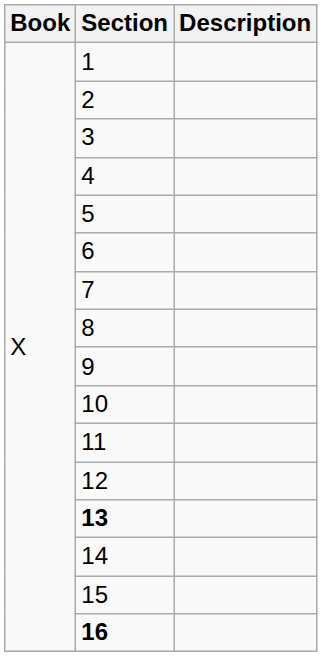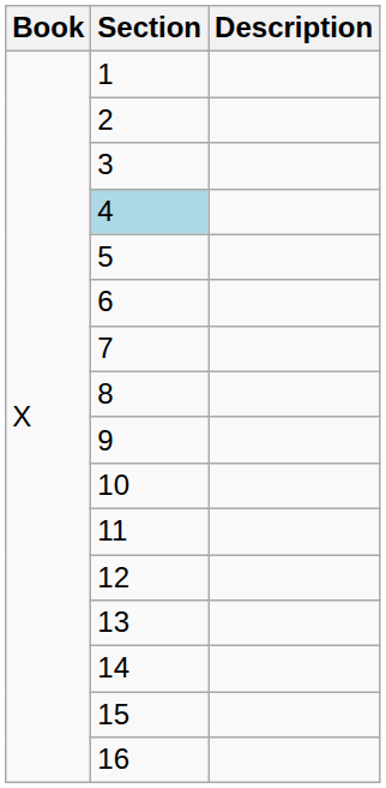 <table class="wikitable" style="max-width:45em;">
 <tr>
 <th>Book</th>
 <th>Section</th>
 <th>Description</th>
 </tr>
 <tr>
 <td rowspan="16">X</td>
 <td>1</td>
 <td></td>
 </tr>
 <tr>
 <td>2</td>
 <td></td>
 </tr>
 <tr>
 <td>3</td>
 <td></td>
 </tr>
 <tr>
-<td>4</td>
+<td style="background: lightblue;">4</td>
 <td></td>
 </tr>
 <tr>
 <td>5</td>
 <td></td>
 </tr>
 <tr>
 <td>6</td>
 <td></td>
 </tr>
 <tr>
 <td>7</td>
 <td></td>
 </tr>
 <tr>
 <td>8</td>
 <td></td>
 </tr>
 <tr>
 <td>9</td>
 <td></td>
 </tr>
 <tr>
 <td>10</td>
 <td></td>
 </tr>
 <tr>
 <td>11</td>
 <td></td>
 </tr>
 <tr>
 <td>12</td>
 <td></td>
 </tr>
 <tr>
-<td><strong>13</strong></td>
+<td>13</td>
 <td></td>
 </tr>
 <tr>
 <td>14</td>
 <td></td>
 </tr>
 <tr>
 <td>15</td>
 <td></td>
 </tr>
 <tr>
-<td><strong>16</strong></td>
+<td>16</td>
 <td></td>
 </tr>
 </table>
